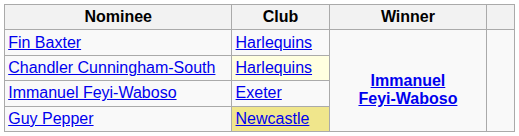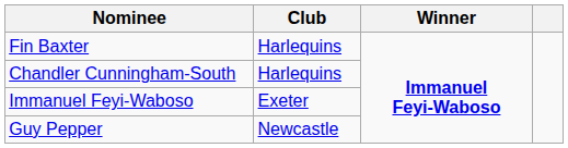 <table class="wikitable">
 <tr>
 <th width=220>Nominee</th>
 <th width=90>Club</th>
 <th width=150>Winner</th>
 <th width=20></th>
 </tr>
 <tr>
 <td> <a href='#'>Fin Baxter</a></td>
 <td><a href='#'>Harlequins</a></td>
 <td rowspan=4 align=center><br><strong><a href='#'>Immanuel<br>Feyi-Waboso</a></strong></td>
 <td rowspan=4 align=center></td>
 </tr>
 <tr>
 <td> <a href='#'>Chandler Cunningham-South</a></td>
-<td style="background: lightyellow;"><a href='#'>Harlequins</a></td>
+<td><a href='#'>Harlequins</a></td>
 </tr>
 <tr>
 <td> <a href='#'>Immanuel Feyi-Waboso</a></td>
 <td><a href='#'>Exeter</a></td>
 </tr>
 <tr>
 <td> <a href='#'>Guy Pepper</a></td>
-<td style="background: khaki;"><a href='#'>Newcastle</a></td>
+<td><a href='#'>Newcastle</a></td>
 </tr>
 <tr>
 </tr>
 </table>
